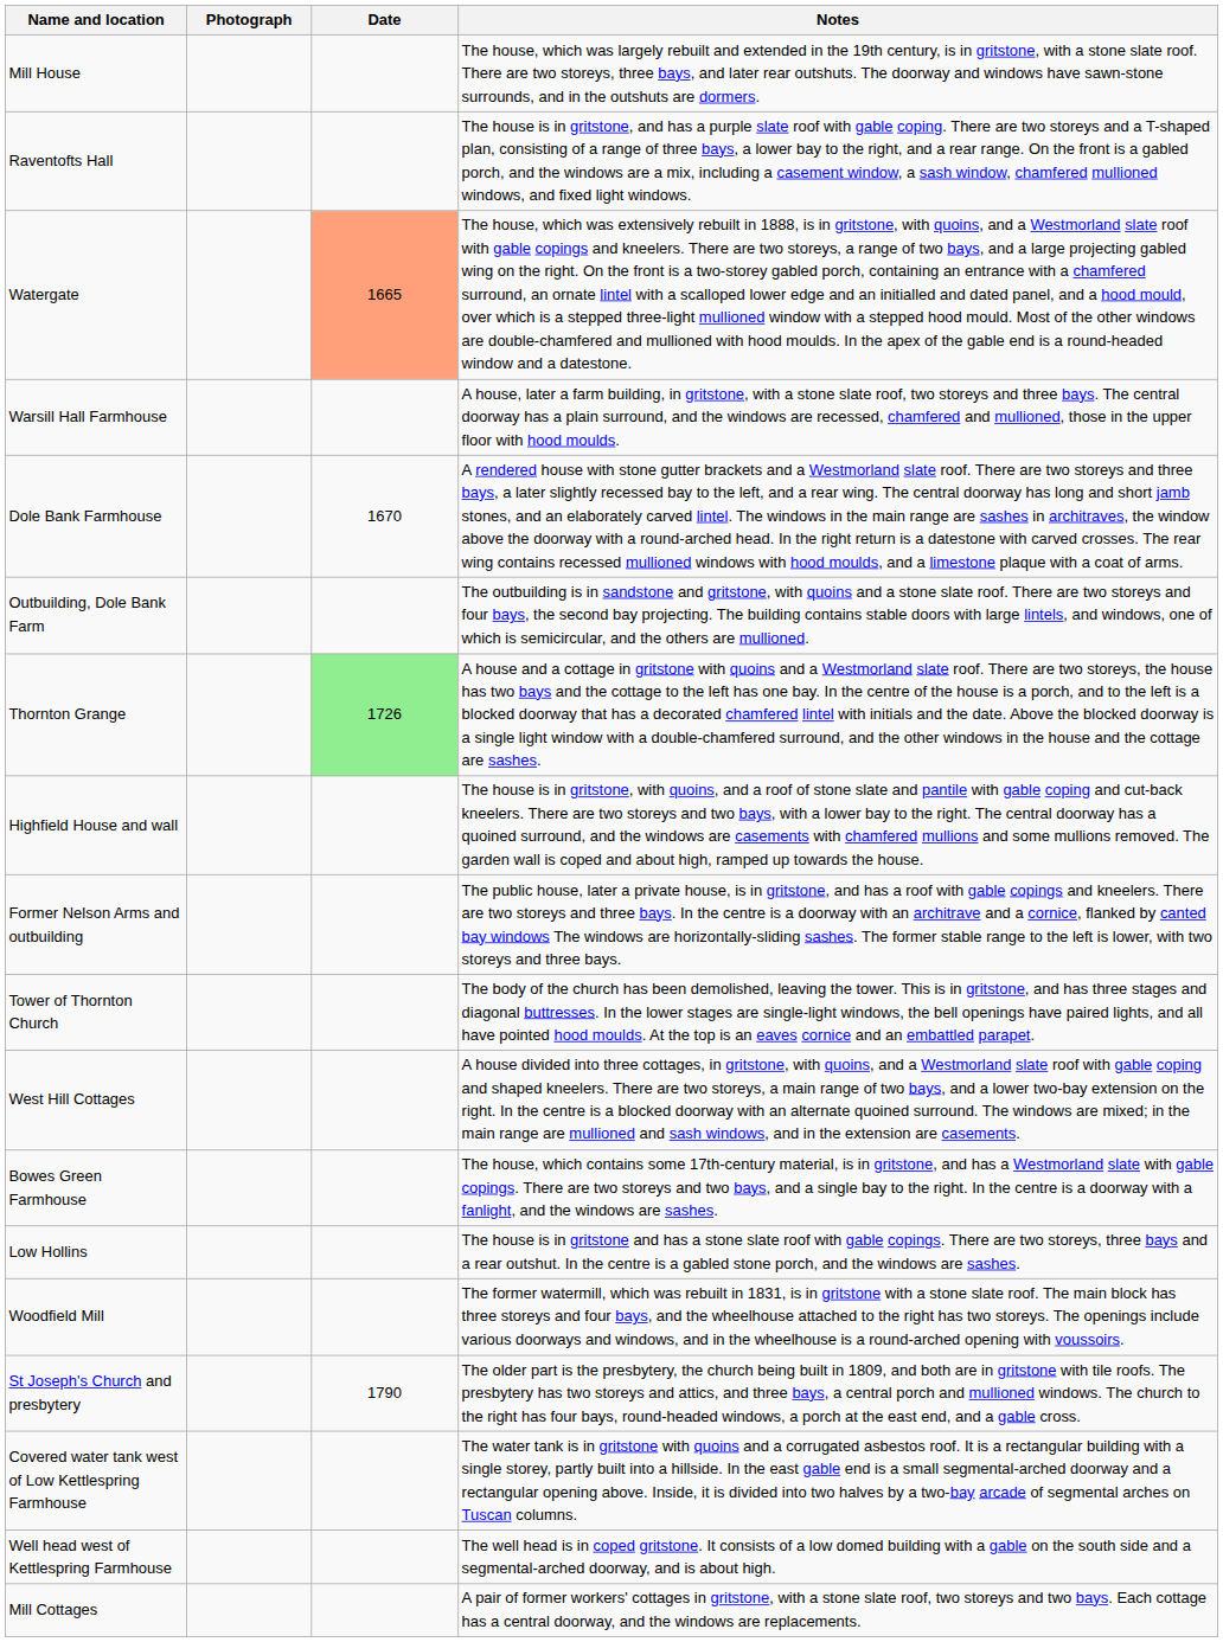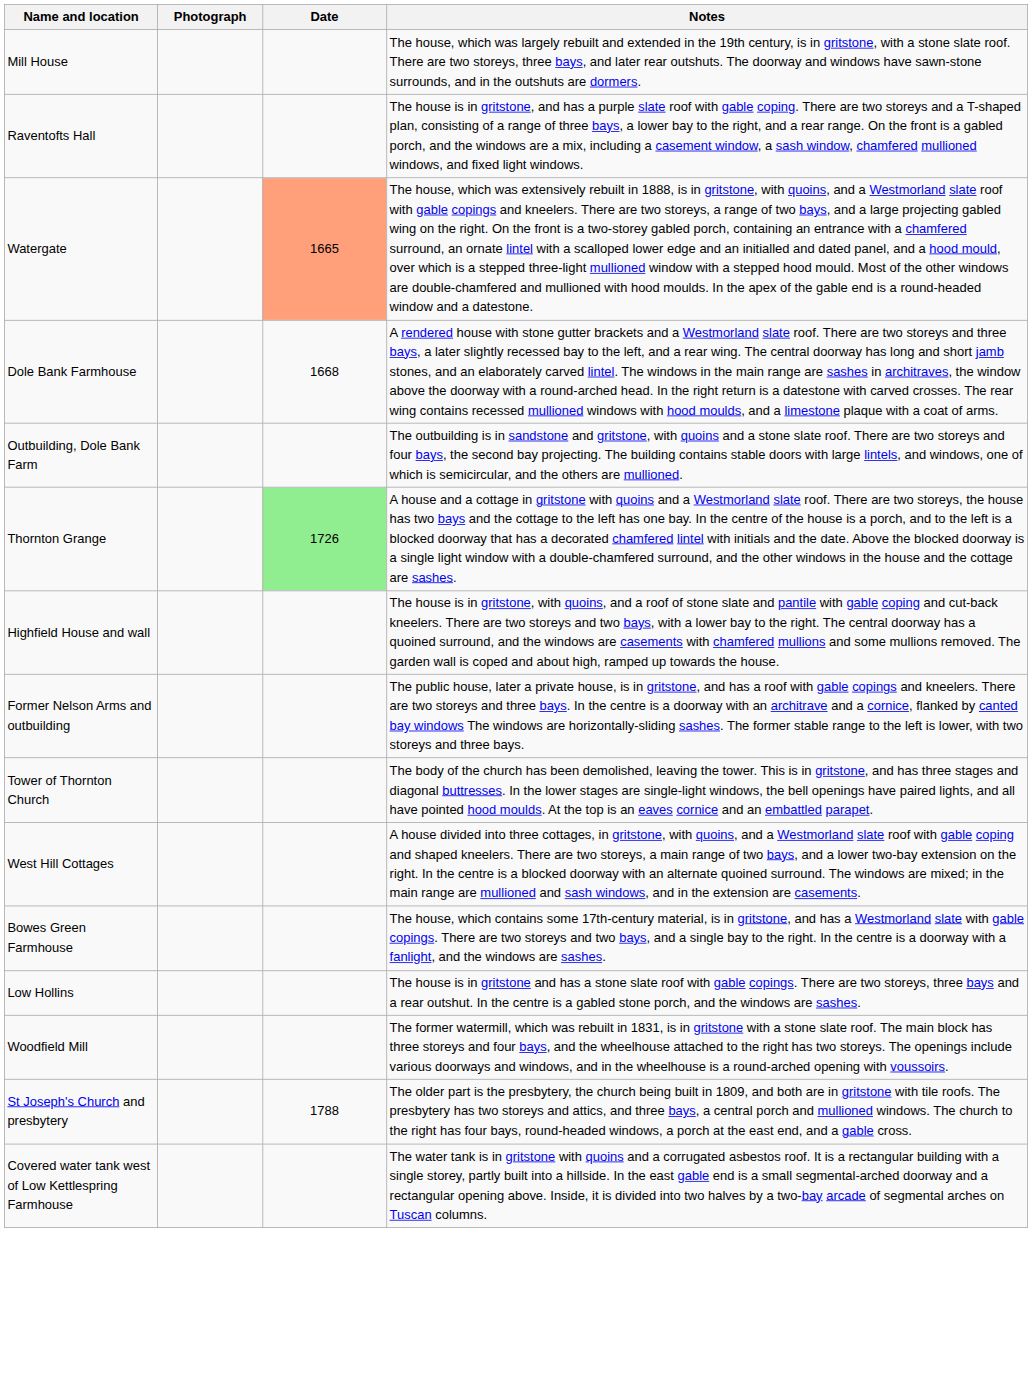 <table class="wikitable sortable plainrowheaders" style="width:100%;border:0px;text-align:left;line-height:150%;">
 <tr>
 <th scope="col"  style="width:150px">Name and location</th>
 <th scope="col"  style="width:100px" class="unsortable">Photograph</th>
 <th scope="col"  style="width:120px">Date</th>
 <th scope="col"  style="width:650px" class="unsortable">Notes</th>
 </tr>
 <tr>
 <td>Mill House<br><small></small></td>
 <td></td>
 <td align="center"></td>
 <td>The house, which was largely rebuilt and extended in the 19th century, is in <a href='#'>gritstone</a>, with a stone slate roof.  There are two storeys, three <a href='#'>bays</a>, and later rear outshuts.  The doorway and windows have sawn-stone surrounds, and in the outshuts are <a href='#'>dormers</a>.</td>
 </tr>
 <tr>
 <td>Raventofts Hall<br><small></small></td>
 <td></td>
 <td align="center"></td>
 <td>The house is in <a href='#'>gritstone</a>, and has a purple <a href='#'>slate</a> roof with <a href='#'>gable</a> <a href='#'>coping</a>.  There are two storeys and a T-shaped plan, consisting of a range of three <a href='#'>bays</a>, a lower bay to the right, and a rear range.  On the front is a gabled porch, and the windows are a mix, including a <a href='#'>casement window</a>, a <a href='#'>sash window</a>, <a href='#'>chamfered</a> <a href='#'>mullioned</a> windows, and fixed light windows.</td>
 </tr>
 <tr>
 <td>Watergate<br><small></small></td>
 <td></td>
 <td align="center" style="background: lightsalmon;">1665</td>
 <td>The house, which was extensively rebuilt in 1888, is in <a href='#'>gritstone</a>, with <a href='#'>quoins</a>, and a <a href='#'>Westmorland</a> <a href='#'>slate</a> roof with <a href='#'>gable</a> <a href='#'>copings</a> and kneelers.  There are two storeys, a range of two <a href='#'>bays</a>, and a large projecting gabled wing on the right.  On the front is a two-storey gabled porch, containing an entrance with a <a href='#'>chamfered</a> surround, an ornate <a href='#'>lintel</a> with a scalloped lower edge and an initialled and dated panel, and a <a href='#'>hood mould</a>, over which is a stepped three-light <a href='#'>mullioned</a> window with a stepped hood mould. Most of the other windows are double-chamfered and mullioned with hood moulds.  In the apex of the gable end is a round-headed window and a datestone.</td>
 </tr>
 <tr>
-<td>Warsill Hall Farmhouse<br><small></small></td>
-<td></td>
-<td align="center"></td>
-<td>A house, later a farm building, in <a href='#'>gritstone</a>, with a stone slate roof, two storeys and three <a href='#'>bays</a>.  The central doorway has a plain surround, and the windows are recessed, <a href='#'>chamfered</a> and <a href='#'>mullioned</a>, those in the upper floor with <a href='#'>hood moulds</a>.</td>
-</tr>
-<tr>
 <td>Dole Bank Farmhouse<br><small></small></td>
 <td></td>
-<td align="center">1670</td>
+<td align="center">1668</td>
 <td>A <a href='#'>rendered</a> house with stone gutter brackets and a <a href='#'>Westmorland</a> <a href='#'>slate</a> roof.  There are two storeys and three <a href='#'>bays</a>, a later slightly recessed bay to the left, and a rear wing.  The central doorway has long and short <a href='#'>jamb</a> stones, and an elaborately carved <a href='#'>lintel</a>.  The windows in the main range are <a href='#'>sashes</a> in <a href='#'>architraves</a>, the window above the doorway with a round-arched head.  In the right return is a datestone with carved crosses.  The rear wing contains recessed <a href='#'>mullioned</a> windows with <a href='#'>hood moulds</a>, and a <a href='#'>limestone</a> plaque with a coat of arms.</td>
 </tr>
 <tr>
 <td>Outbuilding, Dole Bank Farm<br><small></small></td>
 <td></td>
 <td align="center"></td>
 <td>The outbuilding is in <a href='#'>sandstone</a> and <a href='#'>gritstone</a>, with <a href='#'>quoins</a> and a stone slate roof.  There are two storeys and four <a href='#'>bays</a>, the second bay projecting.  The building contains stable doors with large <a href='#'>lintels</a>, and windows, one of which is semicircular, and the others are <a href='#'>mullioned</a>.</td>
 </tr>
 <tr>
 <td>Thornton Grange<br><small></small></td>
 <td></td>
 <td align="center" style="background: lightgreen;">1726</td>
 <td>A house and a cottage in <a href='#'>gritstone</a> with <a href='#'>quoins</a> and a <a href='#'>Westmorland</a> <a href='#'>slate</a> roof.  There are two storeys, the house has two <a href='#'>bays</a> and the cottage to the left has one bay.  In the centre of the house is a porch, and to the left is a blocked doorway that has a decorated <a href='#'>chamfered</a> <a href='#'>lintel</a> with initials and the date.  Above the blocked doorway is a single light window with a double-chamfered surround, and the other windows in the house and the cottage are <a href='#'>sashes</a>.</td>
 </tr>
 <tr>
 <td>Highfield House and wall<br><small></small></td>
 <td></td>
 <td align="center"></td>
 <td>The house is in <a href='#'>gritstone</a>, with <a href='#'>quoins</a>, and a roof of stone slate and <a href='#'>pantile</a> with <a href='#'>gable</a> <a href='#'>coping</a> and cut-back kneelers.  There are two storeys and two <a href='#'>bays</a>, with a lower bay to the right.  The central doorway has a quoined surround, and the windows are <a href='#'>casements</a> with <a href='#'>chamfered</a> <a href='#'>mullions</a> and some mullions removed.  The garden wall is coped and about  high, ramped up towards the house.</td>
 </tr>
 <tr>
 <td>Former Nelson Arms and outbuilding<br><small></small></td>
 <td></td>
 <td align="center"></td>
 <td>The public house, later a private house, is in <a href='#'>gritstone</a>, and has a roof with <a href='#'>gable</a> <a href='#'>copings</a> and kneelers.  There are two storeys and three <a href='#'>bays</a>.  In the centre is a doorway with an <a href='#'>architrave</a> and a <a href='#'>cornice</a>, flanked by <a href='#'>canted</a> <a href='#'>bay windows</a>  The windows are horizontally-sliding <a href='#'>sashes</a>.  The former stable range to the left is lower, with two storeys and three bays.</td>
 </tr>
 <tr>
 <td>Tower of Thornton Church<br><small></small></td>
 <td></td>
 <td align="center"></td>
 <td>The body of the church has been demolished, leaving the tower.  This is in <a href='#'>gritstone</a>, and has three stages and diagonal <a href='#'>buttresses</a>.  In the lower stages are single-light windows, the bell openings have paired lights, and all have pointed <a href='#'>hood moulds</a>.  At the top is an <a href='#'>eaves</a> <a href='#'>cornice</a> and an <a href='#'>embattled</a> <a href='#'>parapet</a>.</td>
 </tr>
 <tr>
 <td>West Hill Cottages<br><small></small></td>
 <td></td>
 <td align="center"></td>
 <td>A house divided into three cottages, in <a href='#'>gritstone</a>, with <a href='#'>quoins</a>, and a <a href='#'>Westmorland</a> <a href='#'>slate</a> roof with <a href='#'>gable</a> <a href='#'>coping</a> and shaped kneelers.  There are two storeys, a main range of two <a href='#'>bays</a>, and a lower two-bay extension on the right.  In the centre is a blocked doorway with an alternate quoined surround.  The windows are mixed; in the main range are <a href='#'>mullioned</a> and <a href='#'>sash windows</a>, and in the extension are <a href='#'>casements</a>.</td>
 </tr>
 <tr>
 <td>Bowes Green Farmhouse<br><small></small></td>
 <td></td>
 <td align="center"></td>
 <td>The house, which contains some 17th-century material, is in <a href='#'>gritstone</a>, and has a <a href='#'>Westmorland</a> <a href='#'>slate</a> with <a href='#'>gable</a> <a href='#'>copings</a>.  There are two storeys and two <a href='#'>bays</a>, and a single bay to the right.  In the centre is a doorway with a <a href='#'>fanlight</a>, and the windows are <a href='#'>sashes</a>.</td>
 </tr>
 <tr>
 <td>Low Hollins<br><small></small></td>
 <td></td>
 <td align="center"></td>
 <td>The house is in <a href='#'>gritstone</a> and has a stone slate roof with <a href='#'>gable</a> <a href='#'>copings</a>.  There are two storeys, three <a href='#'>bays</a> and a rear outshut.  In the centre is a gabled stone porch, and the windows are <a href='#'>sashes</a>.</td>
 </tr>
 <tr>
 <td>Woodfield Mill<br><small></small></td>
 <td></td>
 <td align="center"></td>
 <td>The former watermill, which was rebuilt in 1831, is in <a href='#'>gritstone</a> with a stone slate roof.  The main block has three storeys and four <a href='#'>bays</a>, and the wheelhouse attached to the right has two storeys.  The openings include various doorways and windows, and in the wheelhouse is a round-arched opening with <a href='#'>voussoirs</a>.</td>
 </tr>
 <tr>
 <td><a href='#'>St Joseph's Church</a> and presbytery<br><small></small></td>
 <td></td>
-<td align="center">1790</td>
+<td align="center">1788</td>
 <td>The older part is the presbytery, the church being built in 1809, and both are in <a href='#'>gritstone</a> with tile roofs.  The presbytery has two storeys and attics, and three <a href='#'>bays</a>, a central porch and <a href='#'>mullioned</a> windows.  The church to the right has four bays, round-headed windows, a porch at the east end, and a <a href='#'>gable</a> cross.</td>
 </tr>
 <tr>
 <td>Covered water tank west of Low Kettlespring Farmhouse<br><small></small></td>
 <td></td>
 <td align="center"></td>
 <td>The water tank is in <a href='#'>gritstone</a> with <a href='#'>quoins</a> and a corrugated asbestos roof.  It is a rectangular building with a single storey, partly built into a hillside.  In the east <a href='#'>gable</a> end is a small segmental-arched doorway and a rectangular opening above.  Inside, it is divided into two halves by a two-<a href='#'>bay</a> <a href='#'>arcade</a> of segmental arches on <a href='#'>Tuscan</a> columns.</td>
 </tr>
 <tr>
-<td>Well head west of Kettlespring Farmhouse<br><small></small></td>
-<td></td>
-<td align="center"></td>
-<td>The well head is in <a href='#'>coped</a> <a href='#'>gritstone</a>.  It consists of a low domed building with a <a href='#'>gable</a> on the south side and a segmental-arched doorway, and is about  high.</td>
-</tr>
-<tr>
-<td>Mill Cottages<br><small></small></td>
-<td></td>
-<td align="center"></td>
-<td>A pair of former workers' cottages in <a href='#'>gritstone</a>, with a stone slate roof, two storeys and two <a href='#'>bays</a>.  Each cottage has a central doorway, and the windows are replacements.</td>
-</tr>
-<tr>
 </tr>
 </table>
